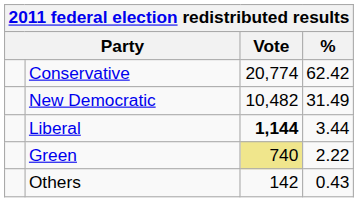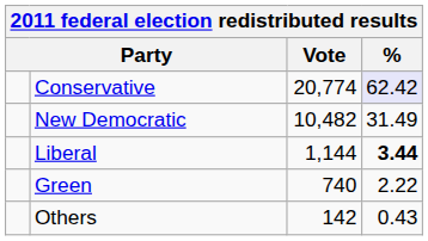 <table class="wikitable">
 <tr>
 <th colspan="4"><a href='#'>2011 federal election</a> redistributed results</th>
 </tr>
 <tr>
 <th bgcolor="#DDDDFF" width="130px" colspan="2">Party</th>
 <th bgcolor="#DDDDFF" width="50px">Vote</th>
 <th bgcolor="#DDDDFF" width="30px">%</th>
 </tr>
 <tr>
 <td> </td>
 <td><a href='#'>Conservative</a></td>
 <td align=right>20,774</td>
-<td align=right>62.42</td>
+<td align=right style="background: lavender;">62.42</td>
 </tr>
 <tr>
 <td> </td>
 <td><a href='#'>New Democratic</a></td>
 <td align=right>10,482</td>
 <td align=right>31.49</td>
 </tr>
 <tr>
 <td> </td>
 <td><a href='#'>Liberal</a></td>
-<td align=right><strong>1,144</strong></td>
-<td align=right>3.44</td>
+<td align=right>1,144</td>
+<td align=right><strong>3.44</strong></td>
 </tr>
 <tr>
 <td> </td>
 <td><a href='#'>Green</a></td>
-<td align=right style="background: khaki;">740</td>
+<td align=right>740</td>
 <td align=right>2.22</td>
 </tr>
 <tr>
 <td> </td>
 <td>Others</td>
 <td align=right>142</td>
 <td align=right>0.43</td>
 </tr>
 </table>
